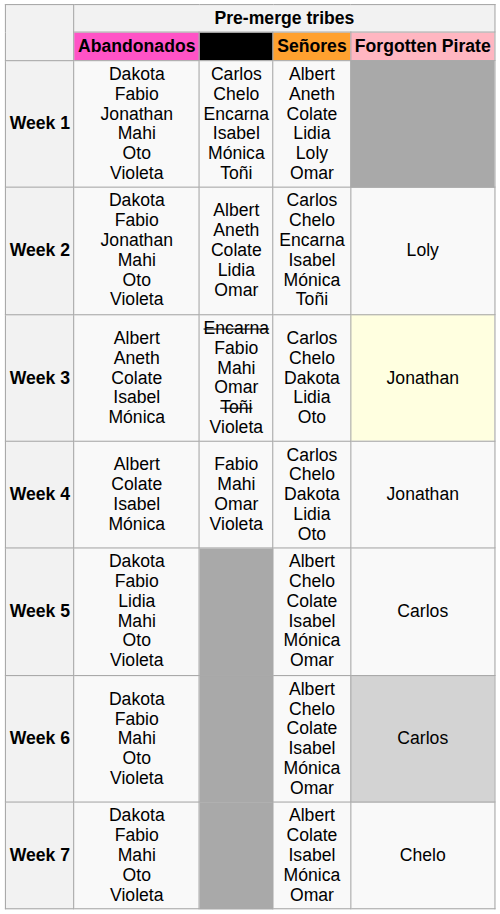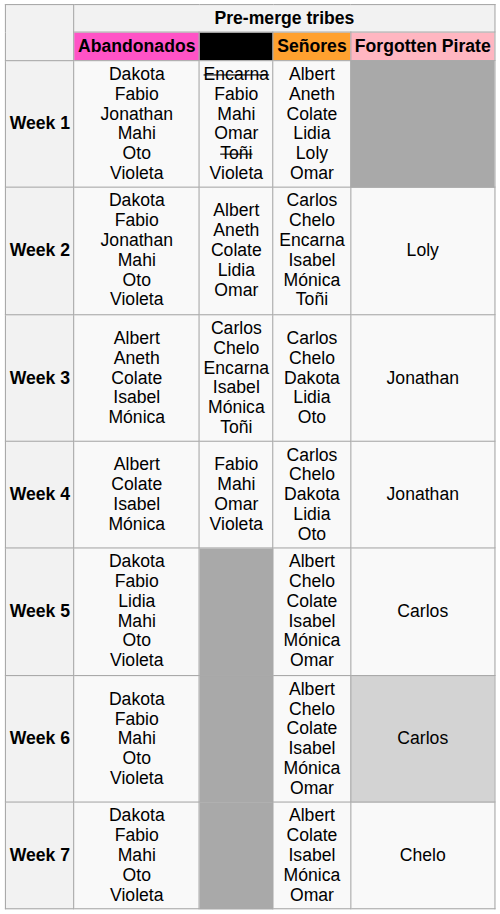 <table class="wikitable" style="margin:auto; text-align:center">
 <tr>
 <th rowspan="2"></th>
 <th colspan="4">Pre-merge tribes</th>
 </tr>
 <tr>
 <td style="background-color:#ff53c6;"><strong>Abandonados</strong></td>
 <td style="background-color:black;"><strong><span>Piratas</span></strong></td>
 <td style="background-color:#ffa12f;"><strong>Señores</strong></td>
 <td style="background-color: lightpink;"><strong>Forgotten Pirate</strong></td>
 </tr>
 <tr>
 <th>Week 1</th>
 <td>Dakota<br>Fabio<br>Jonathan<br>Mahi<br>Oto<br>Violeta</td>
-<td>Carlos<br>Chelo<br>Encarna<br>Isabel<br>Mónica<br>Toñi</td>
+<td><s>Encarna</s><br>Fabio<br>Mahi<br>Omar<br><s>Toñi</s><br>Violeta</td>
 <td>Albert<br>Aneth<br>Colate<br>Lidia<br>Loly<br>Omar</td>
 <td style="background-color: darkgray;"></td>
 </tr>
 <tr>
 <th>Week 2</th>
 <td>Dakota<br>Fabio<br>Jonathan<br>Mahi<br>Oto<br>Violeta</td>
 <td>Albert<br>Aneth<br>Colate<br>Lidia<br>Omar</td>
 <td>Carlos<br>Chelo<br>Encarna<br>Isabel<br>Mónica<br>Toñi</td>
 <td>Loly</td>
 </tr>
 <tr>
 <th>Week 3</th>
 <td>Albert<br>Aneth<br>Colate<br>Isabel<br>Mónica</td>
-<td><s>Encarna</s><br>Fabio<br>Mahi<br>Omar<br><s>Toñi</s><br>Violeta</td>
+<td>Carlos<br>Chelo<br>Encarna<br>Isabel<br>Mónica<br>Toñi</td>
 <td>Carlos<br>Chelo<br>Dakota<br>Lidia<br>Oto</td>
-<td style="background: lightyellow;">Jonathan</td>
+<td>Jonathan</td>
 </tr>
 <tr>
 <th>Week 4</th>
 <td>Albert<br>Colate<br>Isabel<br>Mónica</td>
 <td>Fabio<br>Mahi<br>Omar<br>Violeta</td>
 <td>Carlos<br>Chelo<br>Dakota<br>Lidia<br>Oto</td>
 <td>Jonathan</td>
 </tr>
 <tr>
 <th>Week 5</th>
 <td>Dakota<br>Fabio<br>Lidia<br>Mahi<br>Oto<br>Violeta</td>
 <td style="background-color: darkgray;"></td>
 <td>Albert<br>Chelo<br>Colate<br>Isabel<br>Mónica<br>Omar</td>
 <td>Carlos</td>
 </tr>
 <tr>
 <th>Week 6</th>
 <td>Dakota<br>Fabio<br>Mahi<br>Oto<br>Violeta</td>
 <td style="background-color: darkgray;"></td>
 <td>Albert<br>Chelo<br>Colate<br>Isabel<br>Mónica<br>Omar</td>
 <td style="background: lightgrey;">Carlos</td>
 </tr>
 <tr>
 <th>Week 7</th>
 <td>Dakota<br>Fabio<br>Mahi<br>Oto<br>Violeta</td>
 <td style="background-color: darkgray;"></td>
 <td>Albert<br>Colate<br>Isabel<br>Mónica<br>Omar</td>
 <td>Chelo</td>
 </tr>
 </table>
